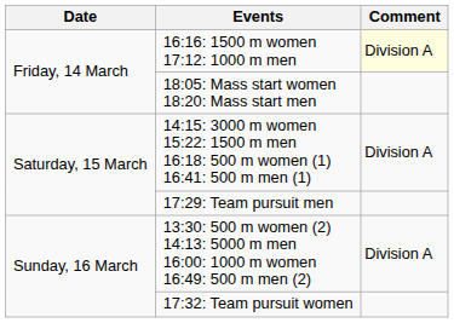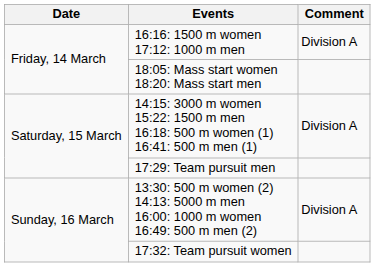 <table class="wikitable" border="1">
 <tr>
 <th> Date </th>
 <th> Events </th>
 <th> Comment </th>
 </tr>
 <tr>
 <td rowspan=2> Friday, 14 March </td>
 <td> 16:16: 1500 m women <br> 17:12: 1000 m men </td>
-<td style="background: lightyellow;">Division A</td>
+<td>Division A</td>
 </tr>
 <tr>
 <td> 18:05: Mass start women <br> 18:20: Mass start men</td>
 <td></td>
 </tr>
 <tr>
 <td rowspan=2> Saturday, 15 March </td>
 <td> 14:15: 3000 m women <br> 15:22: 1500 m men <br> 16:18: 500 m women (1) <br> 16:41: 500 m men (1) </td>
 <td>Division A</td>
 </tr>
 <tr>
 <td> 17:29: Team pursuit men </td>
 <td></td>
 </tr>
 <tr>
 <td rowspan=2> Sunday, 16 March </td>
 <td> 13:30: 500 m women (2) <br> 14:13: 5000 m men <br> 16:00: 1000 m women <br> 16:49: 500 m men (2) </td>
 <td>Division A</td>
 </tr>
 <tr>
 <td> 17:32: Team pursuit women </td>
 <td></td>
 </tr>
 </table>
